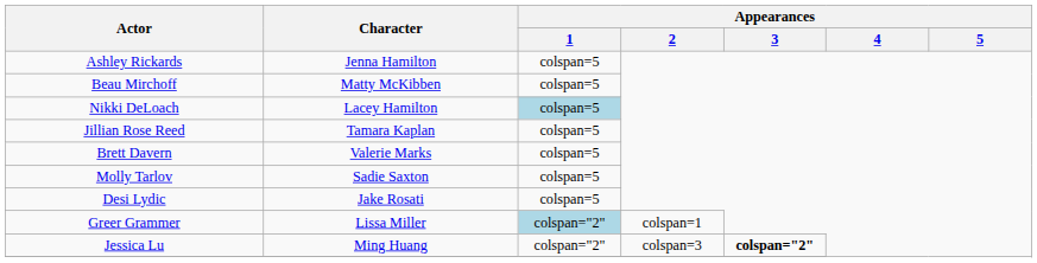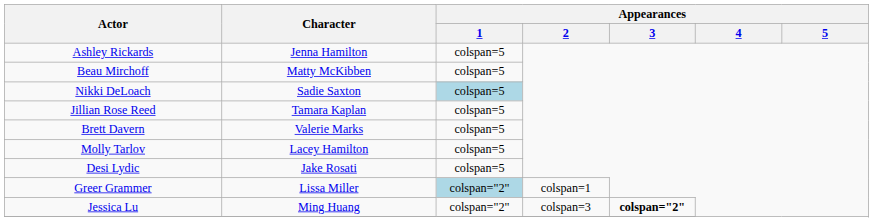 <table class="wikitable" style="text-align:center;" width="90%">
 <tr>
 <th rowspan="2" scope="col">Actor</th>
 <th scope="col" rowspan="2">Character</th>
 <th scope="col" colspan="6">Appearances</th>
 </tr>
 <tr>
 <th scope="col" width="10%"><a href='#'>1</a></th>
 <th scope="col" width="10%"><a href='#'>2</a></th>
 <th scope="col" width="10%"><a href='#'>3</a></th>
 <th scope="col" width="10%"><a href='#'>4</a></th>
 <th scope="col" width="10%"><a href='#'>5</a></th>
 </tr>
 <tr>
 <td><a href='#'>Ashley Rickards</a></td>
 <td><a href='#'>Jenna Hamilton</a></td>
 <td>colspan=5 </td>
 </tr>
 <tr>
 <td><a href='#'>Beau Mirchoff</a></td>
 <td><a href='#'>Matty McKibben</a></td>
 <td>colspan=5 </td>
 </tr>
 <tr>
 <td><a href='#'>Nikki DeLoach</a></td>
-<td><a href='#'>Lacey Hamilton</a></td>
+<td><a href='#'>Sadie Saxton</a></td>
 <td style="background: lightblue;">colspan=5 </td>
 </tr>
 <tr>
 <td><a href='#'>Jillian Rose Reed</a></td>
 <td><a href='#'>Tamara Kaplan</a></td>
 <td>colspan=5 </td>
 </tr>
 <tr>
 <td><a href='#'>Brett Davern</a></td>
 <td><a href='#'>Valerie Marks</a></td>
 <td>colspan=5 </td>
 </tr>
 <tr>
 <td><a href='#'>Molly Tarlov</a></td>
-<td><a href='#'>Sadie Saxton</a></td>
+<td><a href='#'>Lacey Hamilton</a></td>
 <td>colspan=5 </td>
 </tr>
 <tr>
 <td><a href='#'>Desi Lydic</a></td>
 <td><a href='#'>Jake Rosati</a></td>
 <td>colspan=5 </td>
 </tr>
 <tr>
 <td><a href='#'>Greer Grammer</a></td>
 <td><a href='#'>Lissa Miller</a></td>
 <td style="background: lightblue;">colspan="2" </td>
 <td>colspan=1 </td>
 </tr>
 <tr>
 <td><a href='#'>Jessica Lu</a></td>
 <td><a href='#'>Ming Huang</a></td>
 <td>colspan="2" </td>
 <td>colspan=3 </td>
 <td><strong>colspan="2" </strong></td>
 </tr>
 <tr>
 </tr>
 </table>
